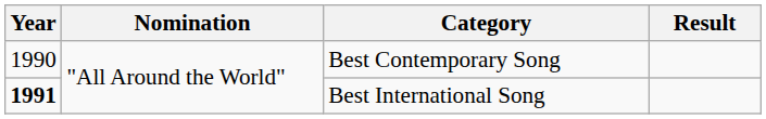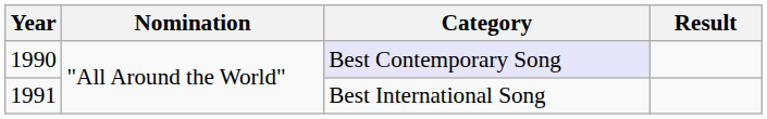 <table class="wikitable">
 <tr>
 <th width="30">Year</th>
 <th width="175">Nomination</th>
 <th width="220">Category</th>
 <th width="70">Result</th>
 </tr>
 <tr>
 <td>1990</td>
 <td rowspan="2">"All Around the World"</td>
-<td>Best Contemporary Song</td>
+<td style="background: lavender;">Best Contemporary Song</td>
 <td></td>
 </tr>
 <tr>
-<td><strong>1991</strong></td>
+<td>1991</td>
 <td>Best International Song</td>
 <td></td>
 </tr>
 </table>
